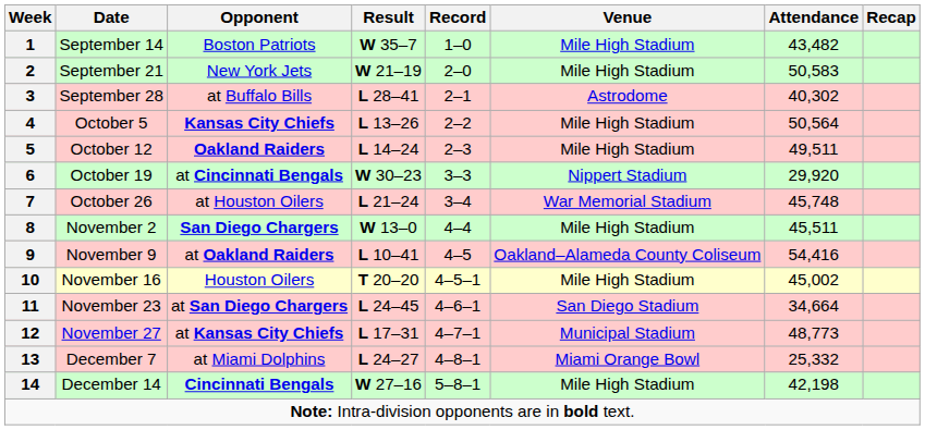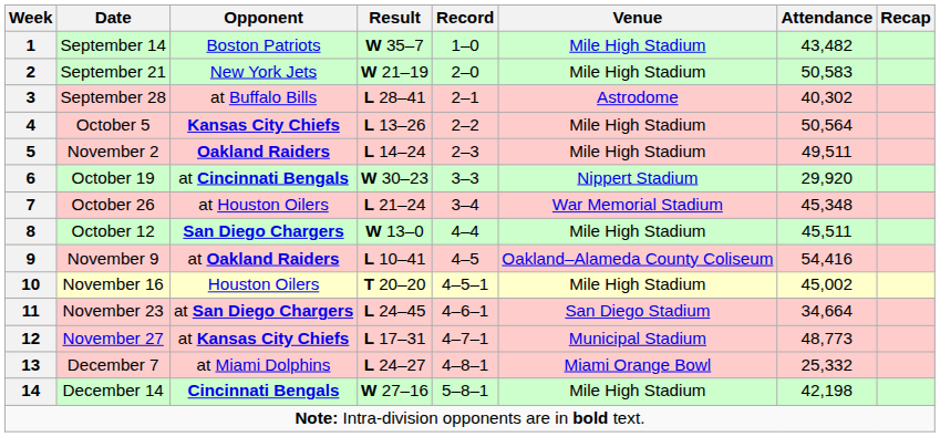 <table class="wikitable" style="text-align:center">
 <tr>
 <th>Week</th>
 <th>Date</th>
 <th>Opponent</th>
 <th>Result</th>
 <th>Record</th>
 <th>Venue</th>
 <th>Attendance</th>
 <th>Recap</th>
 </tr>
 <tr style="background:#cfc">
 <th>1</th>
 <td>September 14</td>
 <td><a href='#'>Boston Patriots</a></td>
 <td><strong>W</strong> 35–7</td>
 <td>1–0</td>
 <td><a href='#'>Mile High Stadium</a></td>
 <td>43,482</td>
 <td></td>
 </tr>
 <tr style="background:#cfc">
 <th>2</th>
 <td>September 21</td>
 <td><a href='#'>New York Jets</a></td>
 <td><strong>W</strong> 21–19</td>
 <td>2–0</td>
 <td>Mile High Stadium</td>
 <td>50,583</td>
 <td></td>
 </tr>
 <tr style="background:#fcc">
 <th>3</th>
 <td>September 28</td>
 <td>at <a href='#'>Buffalo Bills</a></td>
 <td><strong>L</strong> 28–41</td>
 <td>2–1</td>
 <td><a href='#'>Astrodome</a></td>
 <td>40,302</td>
 <td></td>
 </tr>
 <tr style="background:#fcc">
 <th>4</th>
 <td>October 5</td>
 <td><strong><a href='#'>Kansas City Chiefs</a></strong></td>
 <td><strong>L</strong> 13–26</td>
 <td>2–2</td>
 <td>Mile High Stadium</td>
 <td>50,564</td>
 <td></td>
 </tr>
 <tr style="background:#fcc">
 <th>5</th>
-<td>October 12</td>
+<td>November 2</td>
 <td><strong><a href='#'>Oakland Raiders</a></strong></td>
 <td><strong>L</strong> 14–24</td>
 <td>2–3</td>
 <td>Mile High Stadium</td>
 <td>49,511</td>
 <td></td>
 </tr>
 <tr style="background:#cfc">
 <th>6</th>
 <td>October 19</td>
 <td>at <strong><a href='#'>Cincinnati Bengals</a></strong></td>
 <td><strong>W</strong> 30–23</td>
 <td>3–3</td>
 <td><a href='#'>Nippert Stadium</a></td>
 <td>29,920</td>
 <td></td>
 </tr>
 <tr style="background:#fcc">
 <th>7</th>
 <td>October 26</td>
 <td>at <a href='#'>Houston Oilers</a></td>
 <td><strong>L</strong> 21–24</td>
 <td>3–4</td>
 <td><a href='#'>War Memorial Stadium</a></td>
-<td>45,748</td>
+<td>45,348</td>
 <td></td>
 </tr>
 <tr style="background:#cfc">
 <th>8</th>
-<td>November 2</td>
+<td>October 12</td>
 <td><strong><a href='#'>San Diego Chargers</a></strong></td>
 <td><strong>W</strong> 13–0</td>
 <td>4–4</td>
 <td>Mile High Stadium</td>
 <td>45,511</td>
 <td></td>
 </tr>
 <tr style="background:#fcc">
 <th>9</th>
 <td>November 9</td>
 <td>at <strong><a href='#'>Oakland Raiders</a></strong></td>
 <td><strong>L</strong> 10–41</td>
 <td>4–5</td>
 <td><a href='#'>Oakland–Alameda County Coliseum</a></td>
 <td>54,416</td>
 <td></td>
 </tr>
 <tr style="background:#ffc">
 <th>10</th>
 <td>November 16</td>
 <td><a href='#'>Houston Oilers</a></td>
 <td><strong>T</strong> 20–20</td>
 <td>4–5–1</td>
 <td>Mile High Stadium</td>
 <td>45,002</td>
 <td></td>
 </tr>
 <tr style="background:#fcc">
 <th>11</th>
 <td>November 23</td>
 <td>at <strong><a href='#'>San Diego Chargers</a></strong></td>
 <td><strong>L</strong> 24–45</td>
 <td>4–6–1</td>
 <td><a href='#'>San Diego Stadium</a></td>
 <td>34,664</td>
 <td></td>
 </tr>
 <tr style="background:#fcc">
 <th>12</th>
 <td><a href='#'>November 27</a></td>
 <td>at <strong><a href='#'>Kansas City Chiefs</a></strong></td>
 <td><strong>L</strong> 17–31</td>
 <td>4–7–1</td>
 <td><a href='#'>Municipal Stadium</a></td>
 <td>48,773</td>
 <td></td>
 </tr>
 <tr style="background:#fcc">
 <th>13</th>
 <td>December 7</td>
 <td>at <a href='#'>Miami Dolphins</a></td>
 <td><strong>L</strong> 24–27</td>
 <td>4–8–1</td>
 <td><a href='#'>Miami Orange Bowl</a></td>
 <td>25,332</td>
 <td></td>
 </tr>
 <tr style="background:#cfc">
 <th>14</th>
 <td>December 14</td>
 <td><strong><a href='#'>Cincinnati Bengals</a></strong></td>
 <td><strong>W</strong> 27–16</td>
 <td>5–8–1</td>
 <td>Mile High Stadium</td>
 <td>42,198</td>
 <td></td>
 </tr>
 <tr>
 <td colspan="8"><strong>Note:</strong> Intra-division opponents are in <strong>bold</strong> text.</td>
 </tr>
 </table>
